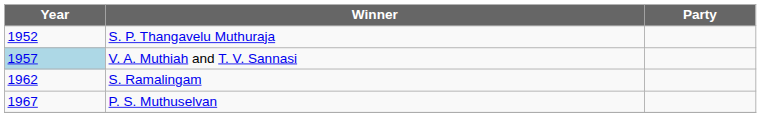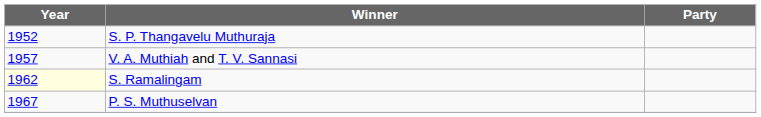 <table class="wikitable" width="70%">
 <tr>
 <th style="background-color:#666666; color:white">Year</th>
 <th style="background-color:#666666; color:white">Winner</th>
 <th style="background-color:#666666; color:white" colspan="2">Party</th>
 </tr>
 <tr>
 <td><a href='#'>1952</a></td>
 <td><a href='#'>S. P. Thangavelu Muthuraja</a></td>
 <td></td>
 </tr>
 <tr>
-<td style="background: lightblue;"><a href='#'>1957</a></td>
+<td><a href='#'>1957</a></td>
 <td><a href='#'>V. A. Muthiah</a> and <a href='#'>T. V. Sannasi</a></td>
 <td></td>
 </tr>
 <tr>
-<td><a href='#'>1962</a></td>
+<td style="background: lightyellow;"><a href='#'>1962</a></td>
 <td><a href='#'>S. Ramalingam</a></td>
 <td></td>
 </tr>
 <tr>
 <td><a href='#'>1967</a></td>
 <td><a href='#'>P. S. Muthuselvan</a></td>
 <td></td>
 </tr>
 <tr>
 </tr>
 </table>
